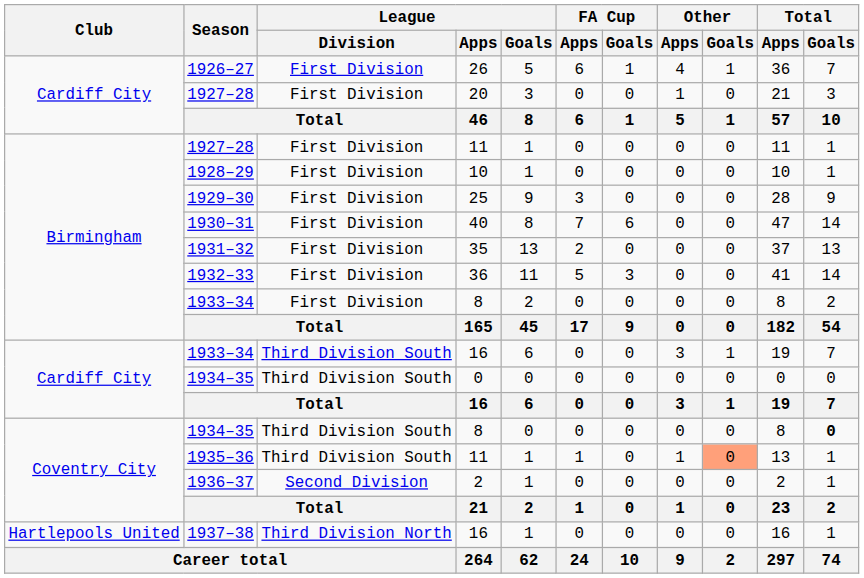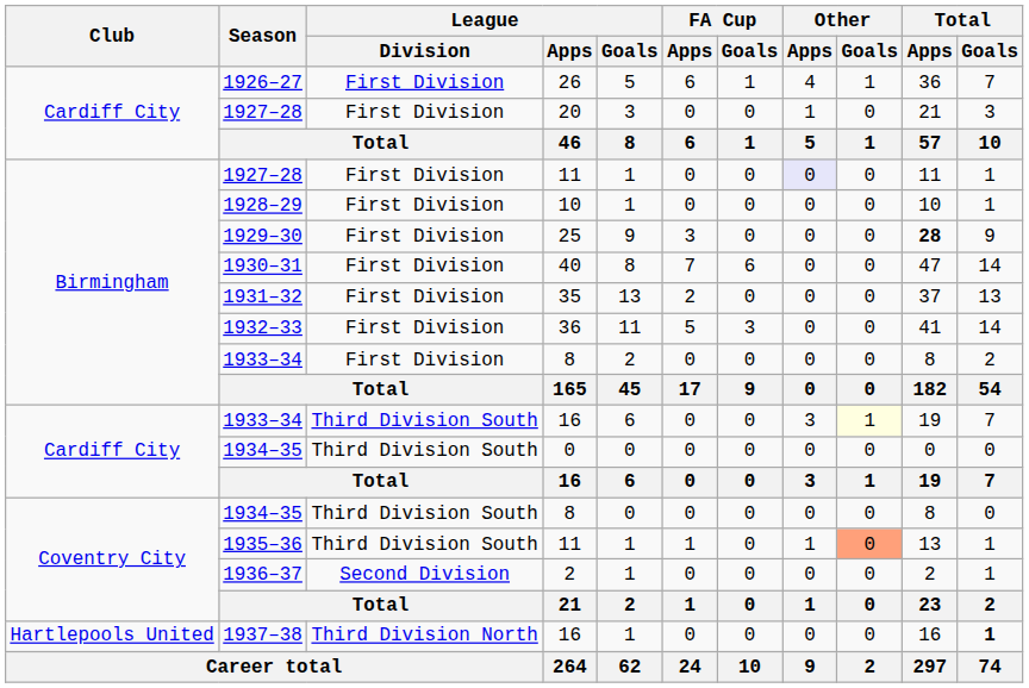 <table class="wikitable" style="text-align:center">
 <tr>
 <th rowspan="2">Club</th>
 <th rowspan="2">Season</th>
 <th colspan="3">League</th>
 <th colspan="2">FA Cup</th>
 <th colspan="2">Other</th>
 <th colspan="2">Total</th>
 </tr>
 <tr>
 <th>Division</th>
 <th>Apps</th>
 <th>Goals</th>
 <th>Apps</th>
 <th>Goals</th>
 <th>Apps</th>
 <th>Goals</th>
 <th>Apps</th>
 <th>Goals</th>
 </tr>
 <tr>
 <td rowspan="3"><a href='#'>Cardiff City</a></td>
 <td><a href='#'>1926–27</a></td>
 <td><a href='#'>First Division</a></td>
 <td>26</td>
 <td>5</td>
 <td>6</td>
 <td>1</td>
 <td>4</td>
 <td>1</td>
 <td>36</td>
 <td>7</td>
 </tr>
 <tr>
 <td><a href='#'>1927–28</a></td>
 <td>First Division</td>
 <td>20</td>
 <td>3</td>
 <td>0</td>
 <td>0</td>
 <td>1</td>
 <td>0</td>
 <td>21</td>
 <td>3</td>
 </tr>
 <tr>
 <th colspan="2">Total</th>
 <th>46</th>
 <th>8</th>
 <th>6</th>
 <th>1</th>
 <th>5</th>
 <th>1</th>
 <th>57</th>
 <th>10</th>
 </tr>
 <tr>
 <td rowspan="8"><a href='#'>Birmingham</a></td>
 <td><a href='#'>1927–28</a></td>
 <td>First Division</td>
 <td>11</td>
 <td>1</td>
 <td>0</td>
 <td>0</td>
-<td>0</td>
+<td style="background: lavender;">0</td>
 <td>0</td>
 <td>11</td>
 <td>1</td>
 </tr>
 <tr>
 <td><a href='#'>1928–29</a></td>
 <td>First Division</td>
 <td>10</td>
 <td>1</td>
 <td>0</td>
 <td>0</td>
 <td>0</td>
 <td>0</td>
 <td>10</td>
 <td>1</td>
 </tr>
 <tr>
 <td><a href='#'>1929–30</a></td>
 <td>First Division</td>
 <td>25</td>
 <td>9</td>
 <td>3</td>
 <td>0</td>
 <td>0</td>
 <td>0</td>
-<td>28</td>
+<td><strong>28</strong></td>
 <td>9</td>
 </tr>
 <tr>
 <td><a href='#'>1930–31</a></td>
 <td>First Division</td>
 <td>40</td>
 <td>8</td>
 <td>7</td>
 <td>6</td>
 <td>0</td>
 <td>0</td>
 <td>47</td>
 <td>14</td>
 </tr>
 <tr>
 <td><a href='#'>1931–32</a></td>
 <td>First Division</td>
 <td>35</td>
 <td>13</td>
 <td>2</td>
 <td>0</td>
 <td>0</td>
 <td>0</td>
 <td>37</td>
 <td>13</td>
 </tr>
 <tr>
 <td><a href='#'>1932–33</a></td>
 <td>First Division</td>
 <td>36</td>
 <td>11</td>
 <td>5</td>
 <td>3</td>
 <td>0</td>
 <td>0</td>
 <td>41</td>
 <td>14</td>
 </tr>
 <tr>
 <td><a href='#'>1933–34</a></td>
 <td>First Division</td>
 <td>8</td>
 <td>2</td>
 <td>0</td>
 <td>0</td>
 <td>0</td>
 <td>0</td>
 <td>8</td>
 <td>2</td>
 </tr>
 <tr>
 <th colspan="2">Total</th>
 <th>165</th>
 <th>45</th>
 <th>17</th>
 <th>9</th>
 <th>0</th>
 <th>0</th>
 <th>182</th>
 <th>54</th>
 </tr>
 <tr>
 <td rowspan="3"><a href='#'>Cardiff City</a></td>
 <td><a href='#'>1933–34</a></td>
 <td><a href='#'>Third Division South</a></td>
 <td>16</td>
 <td>6</td>
 <td>0</td>
 <td>0</td>
 <td>3</td>
-<td>1</td>
+<td style="background: lightyellow;">1</td>
 <td>19</td>
 <td>7</td>
 </tr>
 <tr>
 <td><a href='#'>1934–35</a></td>
 <td>Third Division South</td>
 <td>0</td>
 <td>0</td>
 <td>0</td>
 <td>0</td>
 <td>0</td>
 <td>0</td>
 <td>0</td>
 <td>0</td>
 </tr>
 <tr>
 <th colspan="2">Total</th>
 <th>16</th>
 <th>6</th>
 <th>0</th>
 <th>0</th>
 <th>3</th>
 <th>1</th>
 <th>19</th>
 <th>7</th>
 </tr>
 <tr>
 <td rowspan="4"><a href='#'>Coventry City</a></td>
 <td><a href='#'>1934–35</a></td>
 <td>Third Division South</td>
 <td>8</td>
 <td>0</td>
 <td>0</td>
 <td>0</td>
 <td>0</td>
 <td>0</td>
 <td>8</td>
-<td><strong>0</strong></td>
+<td>0</td>
 </tr>
 <tr>
 <td><a href='#'>1935–36</a></td>
 <td>Third Division South</td>
 <td>11</td>
 <td>1</td>
 <td>1</td>
 <td>0</td>
 <td>1</td>
 <td style="background: lightsalmon;">0</td>
 <td>13</td>
 <td>1</td>
 </tr>
 <tr>
 <td><a href='#'>1936–37</a></td>
 <td><a href='#'>Second Division</a></td>
 <td>2</td>
 <td>1</td>
 <td>0</td>
 <td>0</td>
 <td>0</td>
 <td>0</td>
 <td>2</td>
 <td>1</td>
 </tr>
 <tr>
 <th colspan="2">Total</th>
 <th>21</th>
 <th>2</th>
 <th>1</th>
 <th>0</th>
 <th>1</th>
 <th>0</th>
 <th>23</th>
 <th>2</th>
 </tr>
 <tr>
 <td><a href='#'>Hartlepools United</a></td>
 <td><a href='#'>1937–38</a></td>
 <td><a href='#'>Third Division North</a></td>
 <td>16</td>
 <td>1</td>
 <td>0</td>
 <td>0</td>
 <td>0</td>
 <td>0</td>
 <td>16</td>
-<td>1</td>
+<td><strong>1</strong></td>
 </tr>
 <tr>
 <th colspan="3">Career total</th>
 <th>264</th>
 <th>62</th>
 <th>24</th>
 <th>10</th>
 <th>9</th>
 <th>2</th>
 <th>297</th>
 <th>74</th>
 </tr>
 </table>
